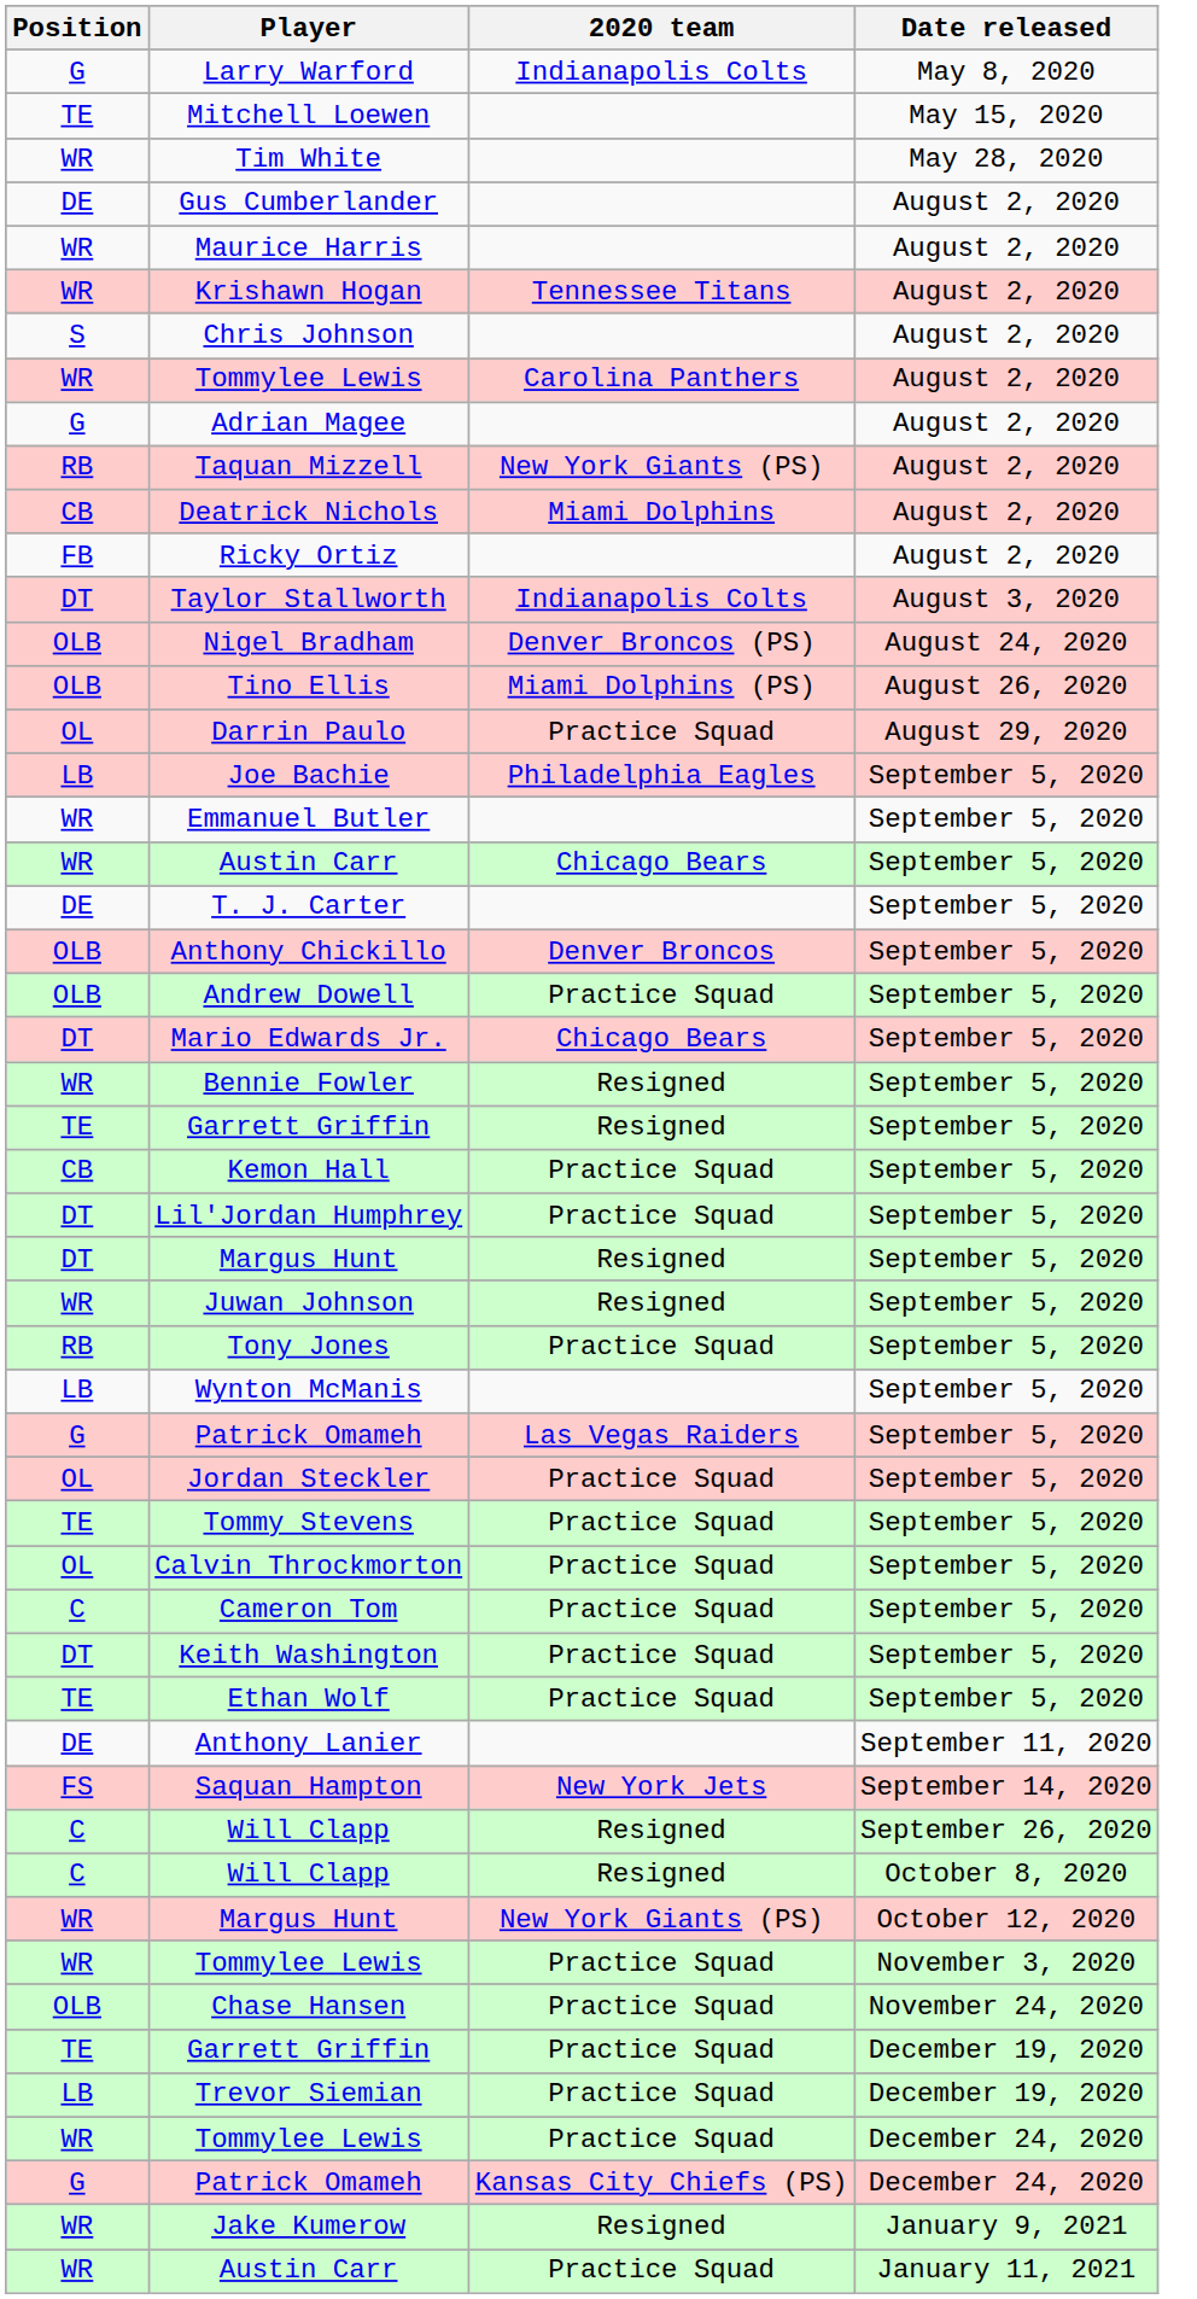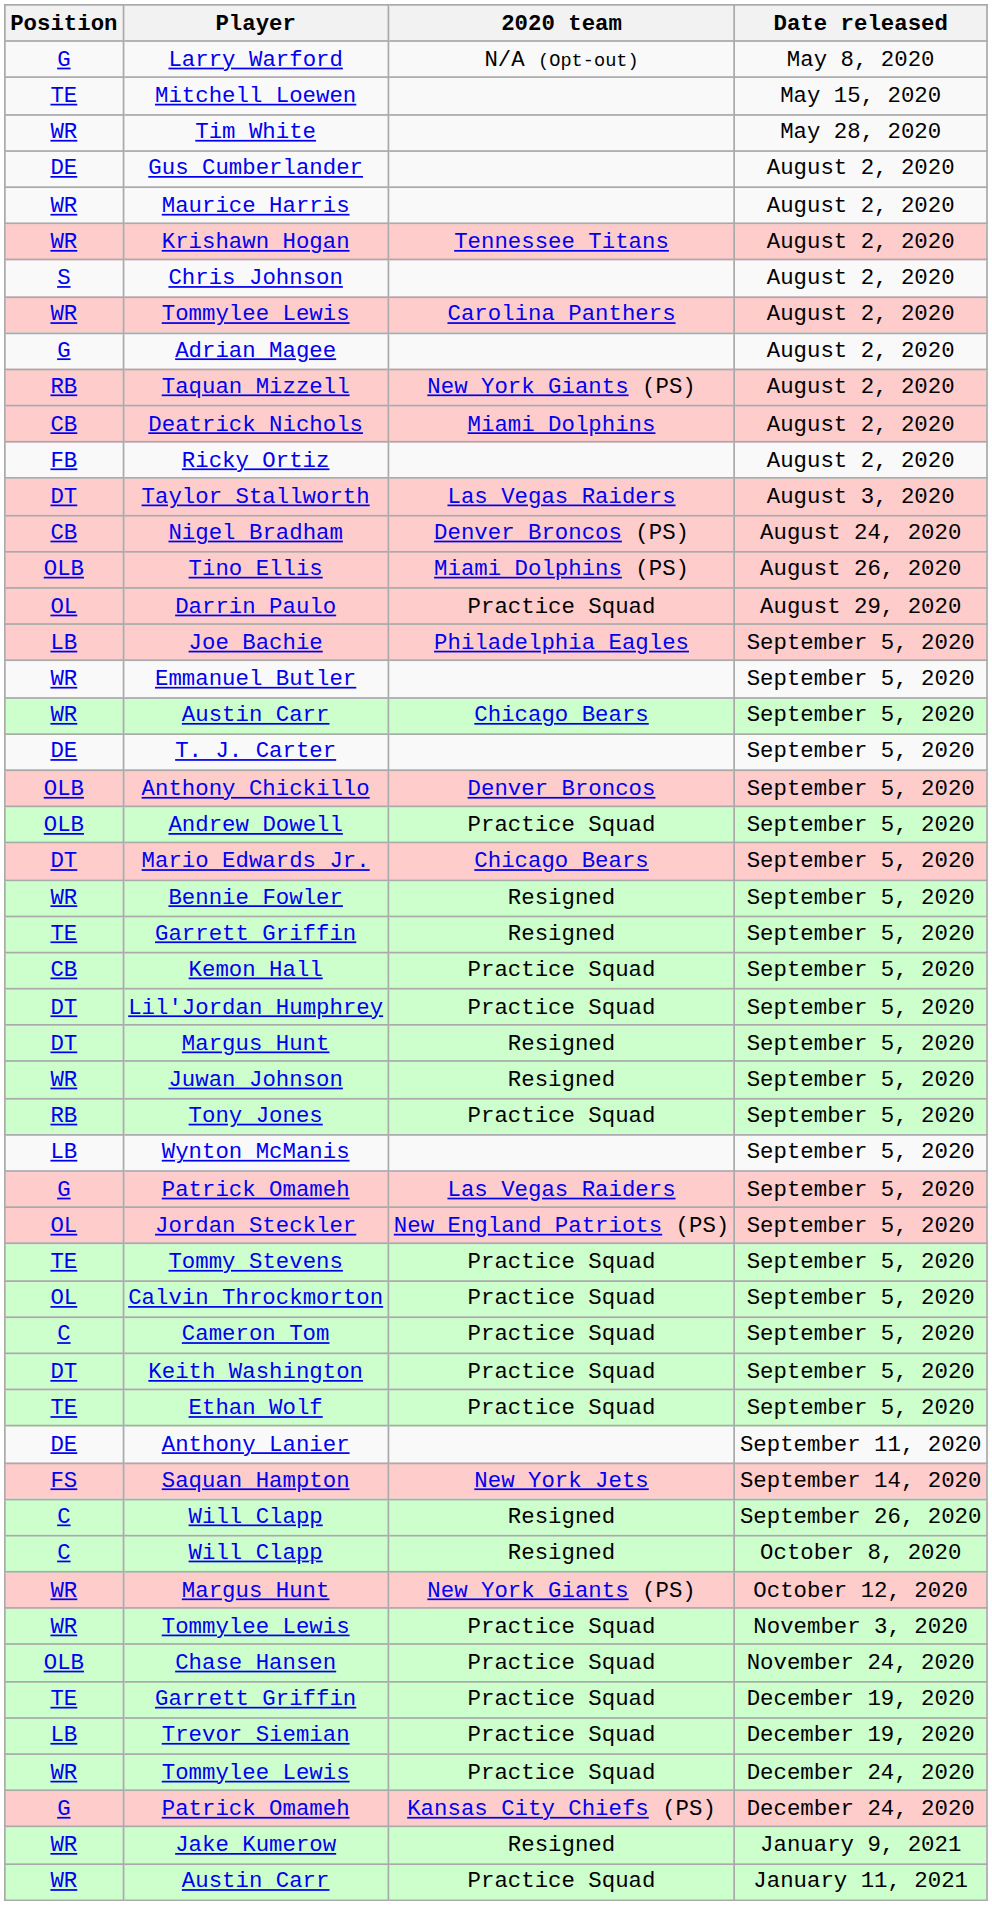 <table class="wikitable" style="text-align:center">
 <tr>
 <th>Position</th>
 <th>Player</th>
 <th>2020 team</th>
 <th>Date released</th>
 </tr>
 <tr>
 <td><a href='#'>G</a></td>
 <td><a href='#'>Larry Warford</a></td>
-<td><a href='#'>Indianapolis Colts</a></td>
+<td>N/A <small>(Opt-out)</small></td>
 <td>May 8, 2020</td>
 </tr>
 <tr>
 <td><a href='#'>TE</a></td>
 <td><a href='#'>Mitchell Loewen</a></td>
 <td></td>
 <td>May 15, 2020</td>
 </tr>
 <tr>
 <td><a href='#'>WR</a></td>
 <td><a href='#'>Tim White</a></td>
 <td></td>
 <td>May 28, 2020</td>
 </tr>
 <tr>
 <td><a href='#'>DE</a></td>
 <td><a href='#'>Gus Cumberlander</a></td>
 <td></td>
 <td>August 2, 2020</td>
 </tr>
 <tr>
 <td><a href='#'>WR</a></td>
 <td><a href='#'>Maurice Harris</a></td>
 <td></td>
 <td>August 2, 2020</td>
 </tr>
 <tr style="background:#fcc">
 <td><a href='#'>WR</a></td>
 <td><a href='#'>Krishawn Hogan</a></td>
 <td><a href='#'>Tennessee Titans</a></td>
 <td>August 2, 2020</td>
 </tr>
 <tr>
 <td><a href='#'>S</a></td>
 <td><a href='#'>Chris Johnson</a></td>
 <td></td>
 <td>August 2, 2020</td>
 </tr>
 <tr style="background:#fcc">
 <td><a href='#'>WR</a></td>
 <td><a href='#'>Tommylee Lewis</a></td>
 <td><a href='#'>Carolina Panthers</a></td>
 <td>August 2, 2020</td>
 </tr>
 <tr>
 <td><a href='#'>G</a></td>
 <td><a href='#'>Adrian Magee</a></td>
 <td></td>
 <td>August 2, 2020</td>
 </tr>
 <tr style="background:#fcc">
 <td><a href='#'>RB</a></td>
 <td><a href='#'>Taquan Mizzell</a></td>
 <td><a href='#'>New York Giants</a> (PS)</td>
 <td>August 2, 2020</td>
 </tr>
 <tr style="background:#fcc">
 <td><a href='#'>CB</a></td>
 <td><a href='#'>Deatrick Nichols</a></td>
 <td><a href='#'>Miami Dolphins</a></td>
 <td>August 2, 2020</td>
 </tr>
 <tr>
 <td><a href='#'>FB</a></td>
 <td><a href='#'>Ricky Ortiz</a></td>
 <td></td>
 <td>August 2, 2020</td>
 </tr>
 <tr style="background:#fcc">
 <td><a href='#'>DT</a></td>
 <td><a href='#'>Taylor Stallworth</a></td>
-<td><a href='#'>Indianapolis Colts</a></td>
+<td><a href='#'>Las Vegas Raiders</a></td>
 <td>August 3, 2020</td>
 </tr>
 <tr style="background:#fcc">
-<td><a href='#'>OLB</a></td>
+<td><a href='#'>CB</a></td>
 <td><a href='#'>Nigel Bradham</a></td>
 <td><a href='#'>Denver Broncos</a> (PS)</td>
 <td>August 24, 2020</td>
 </tr>
 <tr style="background:#fcc">
 <td><a href='#'>OLB</a></td>
 <td><a href='#'>Tino Ellis</a></td>
 <td><a href='#'>Miami Dolphins</a> (PS)</td>
 <td>August 26, 2020</td>
 </tr>
 <tr style="background:#fcc">
 <td><a href='#'>OL</a></td>
 <td><a href='#'>Darrin Paulo</a></td>
 <td>Practice Squad</td>
 <td>August 29, 2020</td>
 </tr>
 <tr style="background:#fcc">
 <td><a href='#'>LB</a></td>
 <td><a href='#'>Joe Bachie</a></td>
 <td><a href='#'>Philadelphia Eagles</a></td>
 <td>September 5, 2020</td>
 </tr>
 <tr>
 <td><a href='#'>WR</a></td>
 <td><a href='#'>Emmanuel Butler</a></td>
 <td></td>
 <td>September 5, 2020</td>
 </tr>
 <tr style="background:#cfc">
 <td><a href='#'>WR</a></td>
 <td><a href='#'>Austin Carr</a></td>
 <td><a href='#'>Chicago Bears</a></td>
 <td>September 5, 2020</td>
 </tr>
 <tr>
 <td><a href='#'>DE</a></td>
 <td><a href='#'>T. J. Carter</a></td>
 <td></td>
 <td>September 5, 2020</td>
 </tr>
 <tr style="background:#fcc">
 <td><a href='#'>OLB</a></td>
 <td><a href='#'>Anthony Chickillo</a></td>
 <td><a href='#'>Denver Broncos</a></td>
 <td>September 5, 2020</td>
 </tr>
 <tr style="background:#cfc">
 <td><a href='#'>OLB</a></td>
 <td><a href='#'>Andrew Dowell</a></td>
 <td>Practice Squad</td>
 <td>September 5, 2020</td>
 </tr>
 <tr style="background:#fcc">
 <td><a href='#'>DT</a></td>
 <td><a href='#'>Mario Edwards Jr.</a></td>
 <td><a href='#'>Chicago Bears</a></td>
 <td>September 5, 2020</td>
 </tr>
 <tr style="background:#cfc">
 <td><a href='#'>WR</a></td>
 <td><a href='#'>Bennie Fowler</a></td>
 <td>Resigned</td>
 <td>September 5, 2020</td>
 </tr>
 <tr style="background:#cfc">
 <td><a href='#'>TE</a></td>
 <td><a href='#'>Garrett Griffin</a></td>
 <td>Resigned</td>
 <td>September 5, 2020</td>
 </tr>
 <tr style="background:#cfc">
 <td><a href='#'>CB</a></td>
 <td><a href='#'>Kemon Hall</a></td>
 <td>Practice Squad</td>
 <td>September 5, 2020</td>
 </tr>
 <tr style="background:#cfc">
 <td><a href='#'>DT</a></td>
 <td><a href='#'>Lil'Jordan Humphrey</a></td>
 <td>Practice Squad</td>
 <td>September 5, 2020</td>
 </tr>
 <tr style="background:#cfc">
 <td><a href='#'>DT</a></td>
 <td><a href='#'>Margus Hunt</a></td>
 <td>Resigned</td>
 <td>September 5, 2020</td>
 </tr>
 <tr style="background:#cfc">
 <td><a href='#'>WR</a></td>
 <td><a href='#'>Juwan Johnson</a></td>
 <td>Resigned</td>
 <td>September 5, 2020</td>
 </tr>
 <tr style="background:#cfc">
 <td><a href='#'>RB</a></td>
 <td><a href='#'>Tony Jones</a></td>
 <td>Practice Squad</td>
 <td>September 5, 2020</td>
 </tr>
 <tr>
 <td><a href='#'>LB</a></td>
 <td><a href='#'>Wynton McManis</a></td>
 <td></td>
 <td>September 5, 2020</td>
 </tr>
 <tr style="background:#fcc">
 <td><a href='#'>G</a></td>
 <td><a href='#'>Patrick Omameh</a></td>
 <td><a href='#'>Las Vegas Raiders</a></td>
 <td>September 5, 2020</td>
 </tr>
 <tr style="background:#fcc">
 <td><a href='#'>OL</a></td>
 <td><a href='#'>Jordan Steckler</a></td>
-<td>Practice Squad</td>
+<td><a href='#'>New England Patriots</a> (PS)</td>
 <td>September 5, 2020</td>
 </tr>
 <tr style="background:#cfc">
 <td><a href='#'>TE</a></td>
 <td><a href='#'>Tommy Stevens</a></td>
 <td>Practice Squad</td>
 <td>September 5, 2020</td>
 </tr>
 <tr style="background:#cfc">
 <td><a href='#'>OL</a></td>
 <td><a href='#'>Calvin Throckmorton</a></td>
 <td>Practice Squad</td>
 <td>September 5, 2020</td>
 </tr>
 <tr style="background:#cfc">
 <td><a href='#'>C</a></td>
 <td><a href='#'>Cameron Tom</a></td>
 <td>Practice Squad</td>
 <td>September 5, 2020</td>
 </tr>
 <tr style="background:#cfc">
 <td><a href='#'>DT</a></td>
 <td><a href='#'>Keith Washington</a></td>
 <td>Practice Squad</td>
 <td>September 5, 2020</td>
 </tr>
 <tr style="background:#cfc">
 <td><a href='#'>TE</a></td>
 <td><a href='#'>Ethan Wolf</a></td>
 <td>Practice Squad</td>
 <td>September 5, 2020</td>
 </tr>
 <tr>
 <td><a href='#'>DE</a></td>
 <td><a href='#'>Anthony Lanier</a></td>
 <td></td>
 <td>September 11, 2020</td>
 </tr>
 <tr style="background:#fcc">
 <td><a href='#'>FS</a></td>
 <td><a href='#'>Saquan Hampton</a></td>
 <td><a href='#'>New York Jets</a></td>
 <td>September 14, 2020</td>
 </tr>
 <tr style="background:#cfc">
 <td><a href='#'>C</a></td>
 <td><a href='#'>Will Clapp</a></td>
 <td>Resigned</td>
 <td>September 26, 2020</td>
 </tr>
 <tr style="background:#cfc">
 <td><a href='#'>C</a></td>
 <td><a href='#'>Will Clapp</a></td>
 <td>Resigned</td>
 <td>October 8, 2020</td>
 </tr>
 <tr style="background:#fcc">
 <td><a href='#'>WR</a></td>
 <td><a href='#'>Margus Hunt</a></td>
 <td><a href='#'>New York Giants</a> (PS)</td>
 <td>October 12, 2020</td>
 </tr>
 <tr style="background:#cfc">
 <td><a href='#'>WR</a></td>
 <td><a href='#'>Tommylee Lewis</a></td>
 <td>Practice Squad</td>
 <td>November 3, 2020</td>
 </tr>
 <tr style="background:#cfc">
 <td><a href='#'>OLB</a></td>
 <td><a href='#'>Chase Hansen</a></td>
 <td>Practice Squad</td>
 <td>November 24, 2020</td>
 </tr>
 <tr style="background:#cfc">
 <td><a href='#'>TE</a></td>
 <td><a href='#'>Garrett Griffin</a></td>
 <td>Practice Squad</td>
 <td>December 19, 2020</td>
 </tr>
 <tr style="background:#cfc">
 <td><a href='#'>LB</a></td>
 <td><a href='#'>Trevor Siemian</a></td>
 <td>Practice Squad</td>
 <td>December 19, 2020</td>
 </tr>
 <tr style="background:#cfc">
 <td><a href='#'>WR</a></td>
 <td><a href='#'>Tommylee Lewis</a></td>
 <td>Practice Squad</td>
 <td>December 24, 2020</td>
 </tr>
 <tr style="background:#fcc">
 <td><a href='#'>G</a></td>
 <td><a href='#'>Patrick Omameh</a></td>
 <td><a href='#'>Kansas City Chiefs</a> (PS)</td>
 <td>December 24, 2020</td>
 </tr>
 <tr style="background:#cfc">
 <td><a href='#'>WR</a></td>
 <td><a href='#'>Jake Kumerow</a></td>
 <td>Resigned</td>
 <td>January 9, 2021</td>
 </tr>
 <tr style="background:#cfc">
 <td><a href='#'>WR</a></td>
 <td><a href='#'>Austin Carr</a></td>
 <td>Practice Squad</td>
 <td>January 11, 2021</td>
 </tr>
 </table>
